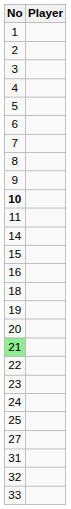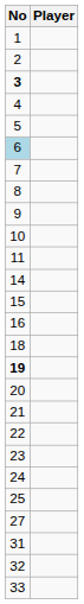 <table class="wikitable sortable" style="text-align:center;">
 <tr>
 <th><strong>No</strong></th>
 <th><strong>Player</strong></th>
 </tr>
 <tr>
 <td>1</td>
 <td align=left></td>
 </tr>
 <tr>
 <td>2</td>
 <td align=left></td>
 </tr>
 <tr>
-<td>3</td>
+<td><strong>3</strong></td>
 <td align=left></td>
 </tr>
 <tr>
 <td>4</td>
 <td align=left></td>
 </tr>
 <tr>
 <td>5</td>
 <td align=left></td>
 </tr>
 <tr>
-<td>6</td>
+<td style="background: lightblue;">6</td>
 <td align=left></td>
 </tr>
 <tr>
 <td>7</td>
 <td align=left></td>
 </tr>
 <tr>
 <td>8</td>
 <td align=left></td>
 </tr>
 <tr>
 <td>9</td>
 <td align=left></td>
 </tr>
 <tr>
-<td><strong>10</strong></td>
+<td>10</td>
 <td align=left></td>
 </tr>
 <tr>
 <td>11</td>
 <td align=left></td>
 </tr>
 <tr>
 <td>14</td>
 <td align=left></td>
 </tr>
 <tr>
 <td>15</td>
 <td align=left></td>
 </tr>
 <tr>
 <td>16</td>
 <td align=left></td>
 </tr>
 <tr>
 <td>18</td>
 <td align=left></td>
 </tr>
 <tr>
-<td>19</td>
+<td><strong>19</strong></td>
 <td align=left></td>
 </tr>
 <tr>
 <td>20</td>
 <td align=left></td>
 </tr>
 <tr>
-<td style="background: lightgreen;">21</td>
+<td>21</td>
 <td align=left></td>
 </tr>
 <tr>
 <td>22</td>
 <td align=left></td>
 </tr>
 <tr>
 <td>23</td>
 <td align=left></td>
 </tr>
 <tr>
 <td>24</td>
 <td align=left></td>
 </tr>
 <tr>
 <td>25</td>
 <td align=left></td>
 </tr>
 <tr>
 <td>27</td>
 <td align=left></td>
 </tr>
 <tr>
 <td>31</td>
 <td align=left></td>
 </tr>
 <tr>
 <td>32</td>
 <td align=left></td>
 </tr>
 <tr>
 <td>33</td>
 <td align=left></td>
 </tr>
 </table>
